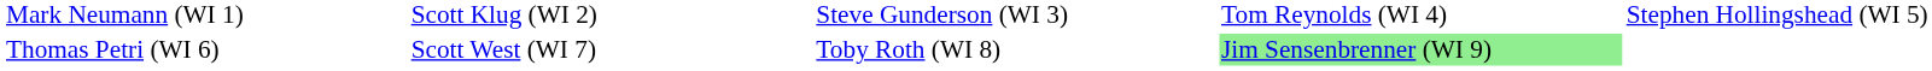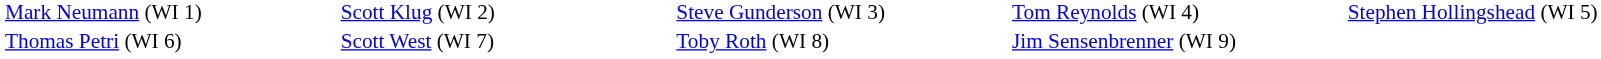 <table width="100%">
 <tr>
 <td width="20%"><a href='#'>Mark Neumann</a> (WI 1)</td>
 <td width="20%"><a href='#'>Scott Klug</a> (WI 2)</td>
 <td width="20%"><a href='#'>Steve Gunderson</a> (WI 3)</td>
 <td width="20%"><a href='#'>Tom Reynolds</a> (WI 4)</td>
 <td width="20%"><a href='#'>Stephen Hollingshead</a> (WI 5)</td>
 </tr>
 <tr>
 <td><a href='#'>Thomas Petri</a> (WI 6)</td>
 <td><a href='#'>Scott West</a> (WI 7)</td>
 <td><a href='#'>Toby Roth</a> (WI 8)</td>
-<td style="background: lightgreen;"><a href='#'>Jim Sensenbrenner</a> (WI 9)</td>
+<td><a href='#'>Jim Sensenbrenner</a> (WI 9)</td>
 </tr>
 </table>
